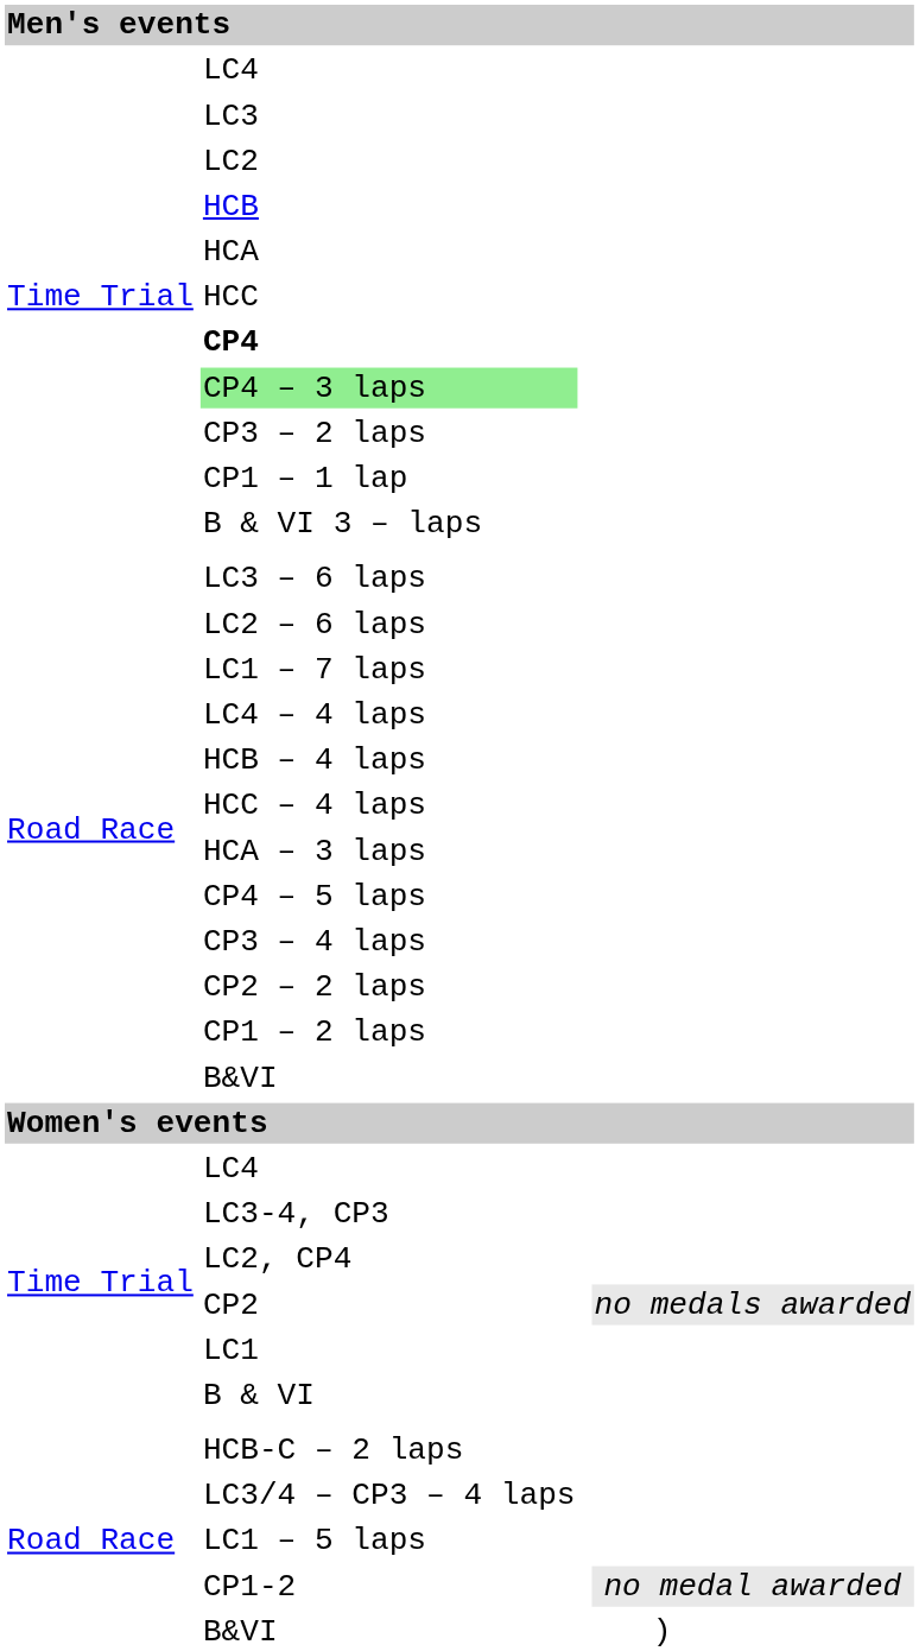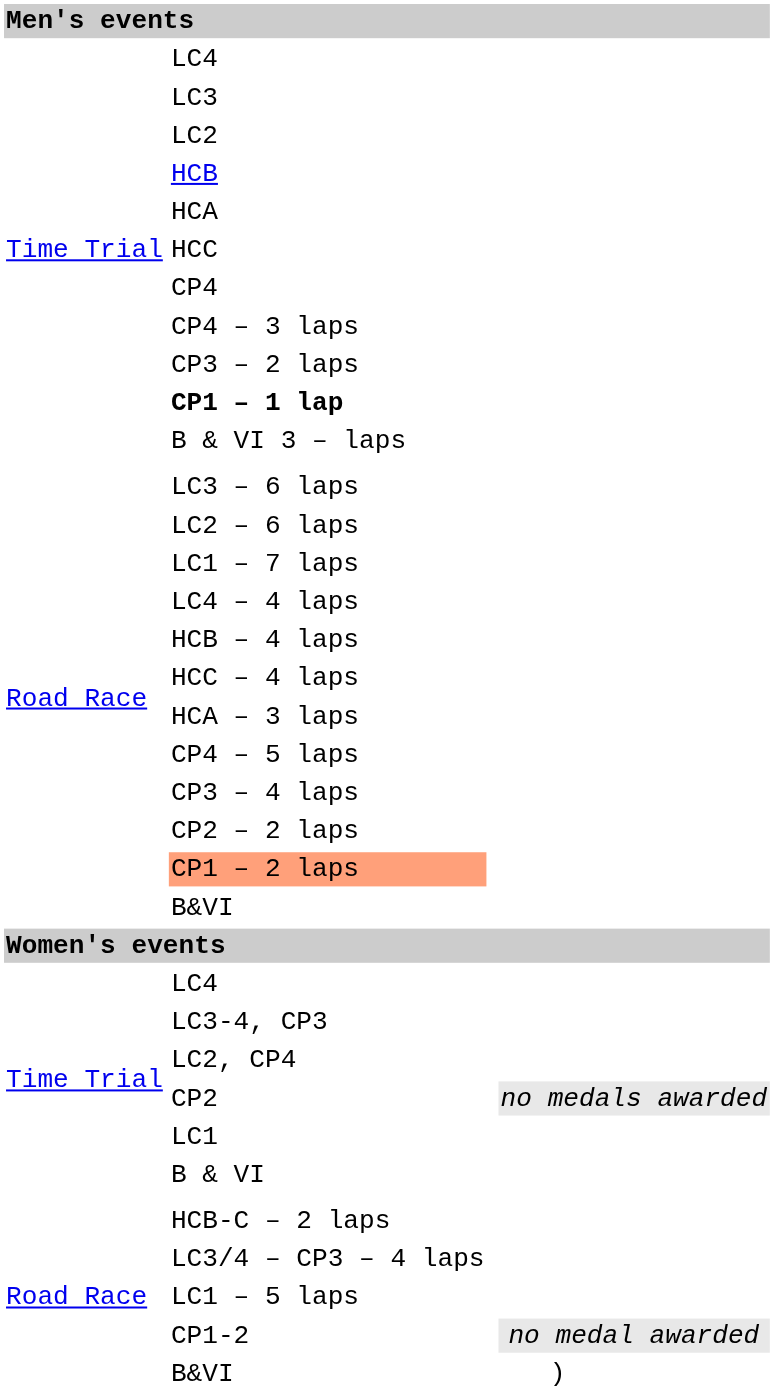 <table>
 <tr bgcolor="#cccccc">
 <td colspan=8><strong>Men's events</strong></td>
 </tr>
 <tr>
 <td rowspan=11><a href='#'>Time Trial</a></td>
 <td>LC4</td>
 <td colspan=2></td>
 <td colspan=2></td>
 <td colspan=2></td>
 </tr>
 <tr>
 <td>LC3</td>
 <td colspan=2></td>
 <td colspan=2></td>
 <td colspan=2></td>
 </tr>
 <tr>
 <td>LC2</td>
 <td colspan=2></td>
 <td colspan=2></td>
 <td colspan=2></td>
 </tr>
 <tr>
 <td><a href='#'>HCB</a></td>
 <td colspan=2></td>
 <td colspan=2></td>
 <td colspan=2></td>
 </tr>
 <tr>
 <td>HCA</td>
 <td colspan=2></td>
 <td colspan=2></td>
 <td colspan=2></td>
 </tr>
 <tr>
 <td>HCC</td>
 <td colspan=2></td>
 <td colspan=2></td>
 <td colspan=2></td>
 </tr>
 <tr>
-<td><strong>CP4</strong></td>
+<td>CP4</td>
 <td colspan=2></td>
 <td colspan=2></td>
 <td colspan=2></td>
 </tr>
 <tr>
-<td style="background: lightgreen;">CP4 – 3 laps</td>
+<td>CP4 – 3 laps</td>
 <td colspan=2></td>
 <td colspan=2></td>
 <td colspan=2></td>
 </tr>
 <tr>
 <td>CP3 – 2 laps</td>
 <td colspan=2></td>
 <td colspan=2></td>
 <td colspan=2></td>
 </tr>
 <tr>
-<td>CP1 – 1 lap</td>
+<td><strong>CP1 – 1 lap</strong></td>
 <td colspan=2></td>
 <td colspan=2></td>
 <td colspan=2></td>
 </tr>
 <tr>
 <td>B & VI 3 – laps </td>
 <td colspan=2></td>
 <td colspan=2></td>
 <td colspan=2></td>
 </tr>
 <tr>
 <td colspan=8></td>
 </tr>
 <tr>
 <td rowspan=12><a href='#'>Road Race</a></td>
 <td>LC3 – 6 laps</td>
 <td colspan=2></td>
 <td colspan=2></td>
 <td colspan=2></td>
 </tr>
 <tr>
 <td>LC2 – 6 laps</td>
 <td colspan=2></td>
 <td colspan=2></td>
 <td colspan=2></td>
 </tr>
 <tr>
 <td>LC1 – 7 laps</td>
 <td colspan=2></td>
 <td colspan=2></td>
 <td colspan=2></td>
 </tr>
 <tr>
 <td>LC4  – 4 laps</td>
 <td colspan=2></td>
 <td colspan=2></td>
 <td colspan=2></td>
 </tr>
 <tr>
 <td>HCB – 4 laps</td>
 <td colspan=2></td>
 <td colspan=2></td>
 <td colspan=2></td>
 </tr>
 <tr>
 <td>HCC  – 4 laps</td>
 <td colspan=2></td>
 <td colspan=2></td>
 <td colspan=2></td>
 </tr>
 <tr>
 <td>HCA  – 3 laps</td>
 <td colspan=2></td>
 <td colspan=2></td>
 <td colspan=2></td>
 </tr>
 <tr>
 <td>CP4  – 5 laps</td>
 <td colspan=2></td>
 <td colspan=2></td>
 <td colspan=2></td>
 </tr>
 <tr>
 <td>CP3  – 4 laps</td>
 <td colspan=2></td>
 <td colspan=2></td>
 <td colspan=2></td>
 </tr>
 <tr>
 <td>CP2   – 2 laps</td>
 <td colspan=2></td>
 <td colspan=2></td>
 <td colspan=2></td>
 </tr>
 <tr>
-<td>CP1   – 2 laps</td>
+<td style="background: lightsalmon;">CP1   – 2 laps</td>
 <td colspan=2></td>
 <td colspan=2></td>
 <td colspan=2></td>
 </tr>
 <tr>
 <td>B&VI</td>
 <td colspan=2></td>
 <td colspan=2></td>
 <td colspan=2></td>
 </tr>
 <tr bgcolor="#cccccc">
 <td colspan=8><strong>Women's events</strong></td>
 </tr>
 <tr>
 <td rowspan=6><a href='#'>Time Trial</a></td>
 <td>LC4</td>
 <td colspan=2></td>
 <td colspan=2></td>
 <td colspan=2></td>
 </tr>
 <tr>
 <td>LC3-4, CP3 </td>
 <td colspan=2></td>
 <td colspan=2></td>
 <td colspan=2></td>
 </tr>
 <tr>
 <td>LC2, CP4 </td>
 <td colspan=2></td>
 <td colspan=2></td>
 <td colspan=2></td>
 </tr>
 <tr>
 <td>CP2 </td>
 <td colspan=2></td>
 <td colspan=4 bgcolor=#e8e8e8 align=center><em>no medals awarded</em></td>
 </tr>
 <tr>
 <td>LC1 </td>
 <td colspan=2></td>
 <td colspan=2></td>
 <td colspan=2></td>
 </tr>
 <tr>
 <td>B & VI </td>
 <td colspan=2></td>
 <td colspan=2></td>
 <td colspan=2></td>
 </tr>
 <tr>
 <td colspan=8></td>
 </tr>
 <tr>
 <td rowspan=5><a href='#'>Road Race</a></td>
 <td>HCB-C – 2 laps </td>
 <td colspan=2></td>
 <td colspan=2></td>
 <td colspan=2></td>
 </tr>
 <tr>
 <td>LC3/4 – CP3 – 4 laps </td>
 <td colspan=2></td>
 <td colspan=2></td>
 <td colspan=2></td>
 </tr>
 <tr>
 <td>LC1 – 5 laps </td>
 <td colspan=2></td>
 <td colspan=2></td>
 <td colspan=2></td>
 </tr>
 <tr>
 <td>CP1-2 </td>
 <td colspan=2></td>
 <td colspan=4 bgcolor=#e8e8e8 align=center><em>no medal awarded</em></td>
 </tr>
 <tr>
 <td>B&VI </td>
 <td colspan=2></td>
 <td colspan=2></td>
 <td colspan=2>)</td>
 </tr>
 </table>
